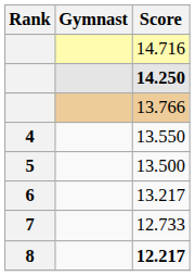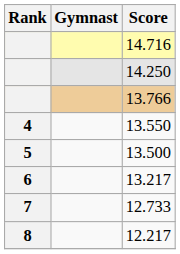 <table class="wikitable sortable" style="text-align:center; font-size:95%">
 <tr>
 <th scope=col>Rank</th>
 <th scope=col>Gymnast</th>
 <th scope=col>Score</th>
 </tr>
 <tr bgcolor=fffcaf>
 <th scope=row style="text-align:center"></th>
 <td align=left></td>
 <td>14.716</td>
 </tr>
 <tr bgcolor=e5e5e5>
 <th scope=row style="text-align:center"></th>
 <td align=left></td>
-<td><strong>14.250</strong></td>
+<td>14.250</td>
 </tr>
 <tr bgcolor=eecc99>
 <th scope=row style="text-align:center"></th>
 <td align=left></td>
 <td>13.766</td>
 </tr>
 <tr>
 <th>4</th>
 <td align=left></td>
 <td>13.550</td>
 </tr>
 <tr>
 <th>5</th>
 <td align=left></td>
 <td>13.500</td>
 </tr>
 <tr>
 <th>6</th>
 <td align=left></td>
 <td>13.217</td>
 </tr>
 <tr>
 <th>7</th>
 <td align=left></td>
 <td>12.733</td>
 </tr>
 <tr>
 <th>8</th>
 <td align=left></td>
-<td><strong>12.217</strong></td>
+<td>12.217</td>
 </tr>
 <tr>
 </tr>
 </table>
